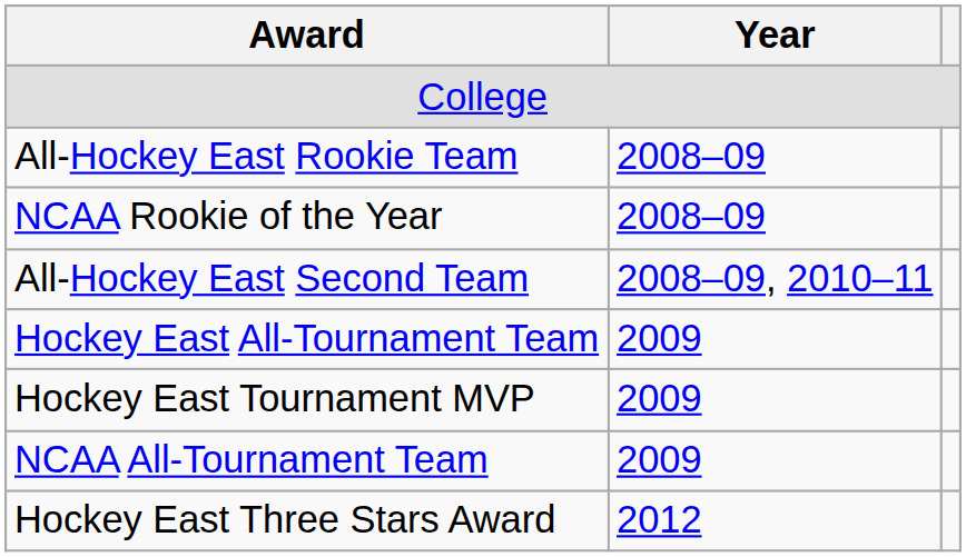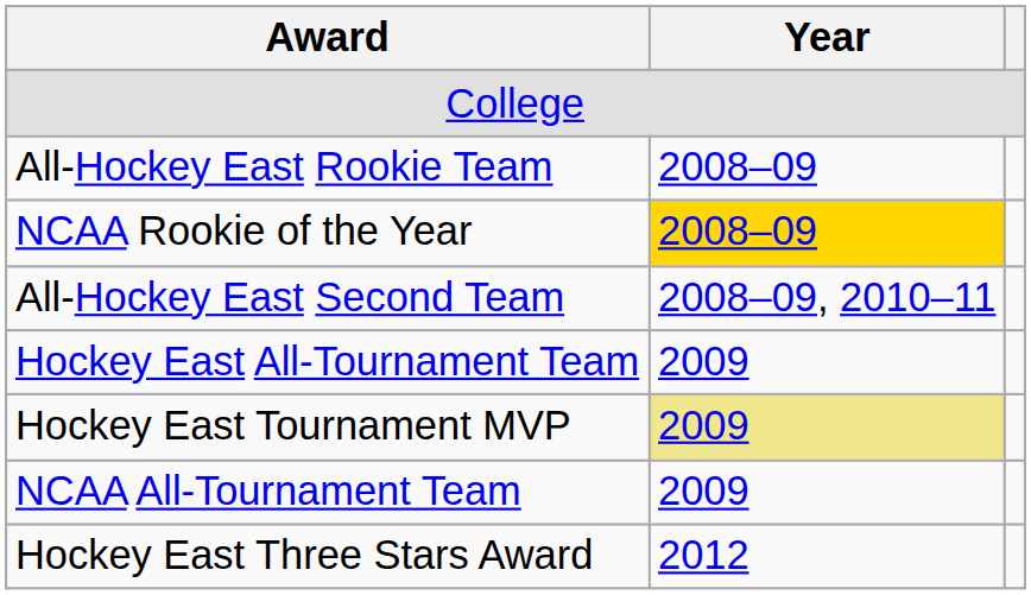 <table class="wikitable">
 <tr>
 <th>Award</th>
 <th>Year</th>
 <th></th>
 </tr>
 <tr ALIGN="center" bgcolor="#e0e0e0">
 <td colspan="3"><a href='#'>College</a></td>
 </tr>
 <tr>
 <td>All-<a href='#'>Hockey East</a> <a href='#'>Rookie Team</a></td>
 <td><a href='#'>2008–09</a></td>
 <td></td>
 </tr>
 <tr>
 <td><a href='#'>NCAA</a> Rookie of the Year</td>
-<td><a href='#'>2008–09</a></td>
+<td style="background: gold;"><a href='#'>2008–09</a></td>
 <td></td>
 </tr>
 <tr>
 <td>All-<a href='#'>Hockey East</a> <a href='#'>Second Team</a></td>
 <td><a href='#'>2008–09</a>, <a href='#'>2010–11</a></td>
 <td></td>
 </tr>
 <tr>
 <td><a href='#'>Hockey East</a> <a href='#'>All-Tournament Team</a></td>
 <td><a href='#'>2009</a></td>
 <td></td>
 </tr>
 <tr>
 <td>Hockey East Tournament MVP</td>
-<td><a href='#'>2009</a></td>
+<td style="background: khaki;"><a href='#'>2009</a></td>
 <td></td>
 </tr>
 <tr>
 <td><a href='#'>NCAA</a> <a href='#'>All-Tournament Team</a></td>
 <td><a href='#'>2009</a></td>
 <td></td>
 </tr>
 <tr>
 <td>Hockey East Three Stars Award</td>
 <td><a href='#'>2012</a></td>
 <td></td>
 </tr>
 </table>
